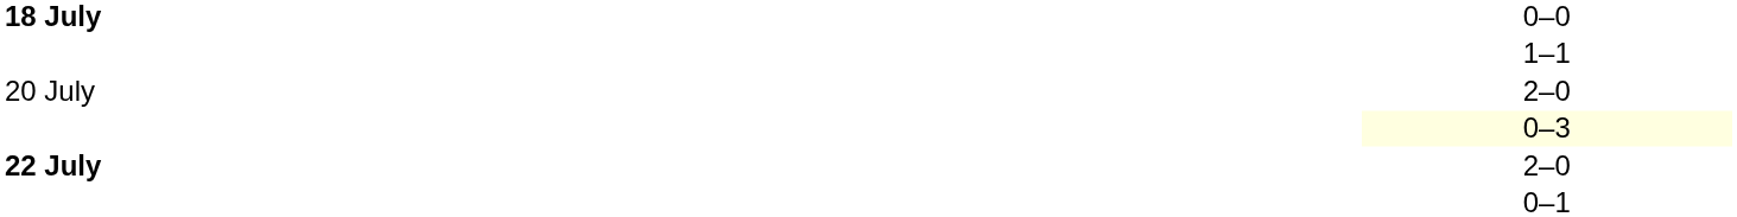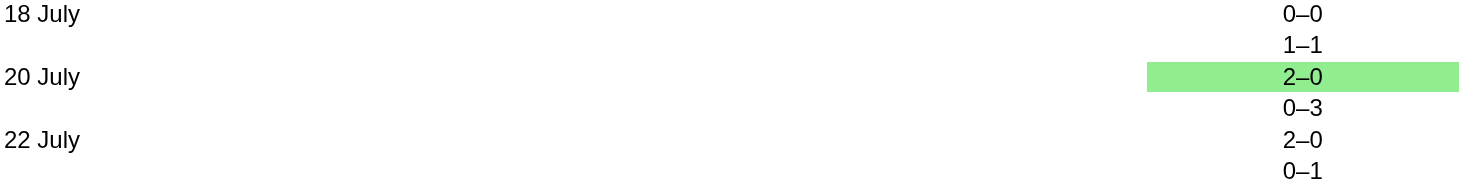 <table cellspacing="1" style="width:70%;">
 <tr>
 <th width=25%></th>
 <th width=30%></th>
 <th width=15%></th>
 <th width=30%></th>
 </tr>
 <tr>
-<td><strong>18 July</strong></td>
+<td>18 July</td>
 <td align=right></td>
 <td align=center>0–0</td>
 <td></td>
 </tr>
 <tr>
 <td></td>
 <td align=right></td>
 <td align=center>1–1</td>
 <td></td>
 </tr>
 <tr>
 <td>20 July</td>
 <td align=right></td>
-<td align=center>2–0</td>
+<td align=center style="background: lightgreen;">2–0</td>
 <td></td>
 </tr>
 <tr>
 <td></td>
 <td align=right></td>
-<td align=center style="background: lightyellow;">0–3</td>
+<td align=center>0–3</td>
 <td></td>
 </tr>
 <tr>
-<td><strong>22 July</strong></td>
+<td>22 July</td>
 <td align=right></td>
 <td align=center>2–0</td>
 <td></td>
 </tr>
 <tr>
 <td></td>
 <td align=right></td>
 <td align=center>0–1</td>
 <td></td>
 </tr>
 </table>
